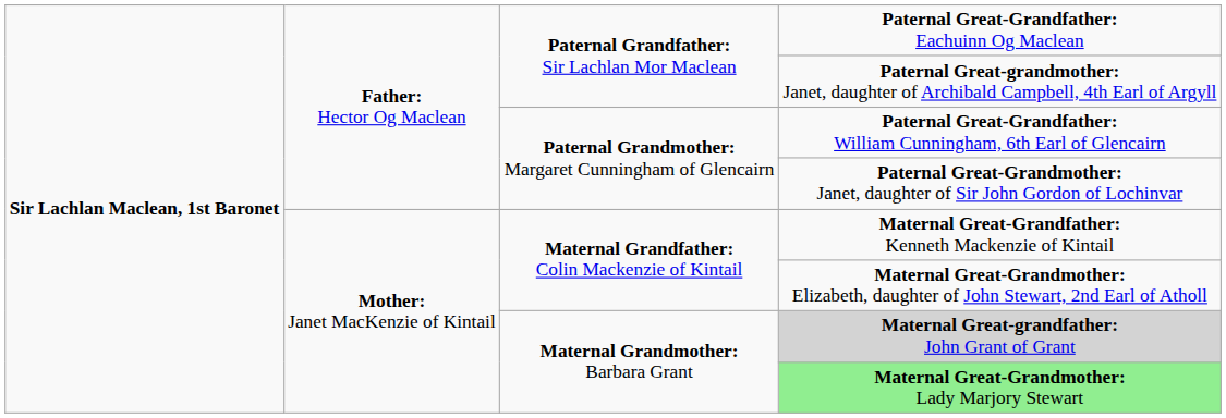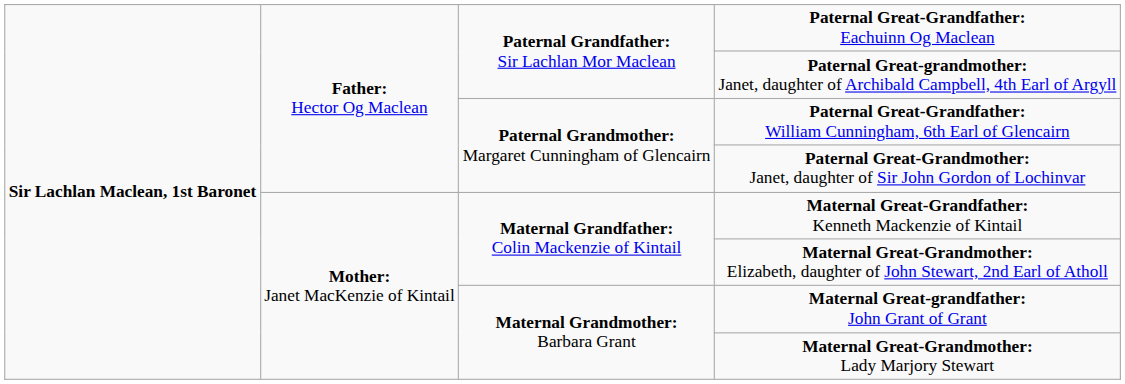 <table class="wikitable"  style="margin:1em auto;">
 <tr style="text-align:center;">
 <td rowspan="8"><strong>Sir Lachlan Maclean, 1st Baronet</strong></td>
 <td rowspan="4"><strong>Father:</strong><br><a href='#'>Hector Og Maclean</a></td>
 <td rowspan="2"><strong>Paternal Grandfather:</strong><br><a href='#'>Sir Lachlan Mor Maclean</a></td>
 <td><strong>Paternal Great-Grandfather:</strong><br><a href='#'>Eachuinn Og Maclean</a></td>
 </tr>
 <tr>
 <td style="text-align:center;"><strong>Paternal Great-grandmother:</strong><br>Janet, daughter of <a href='#'>Archibald Campbell, 4th Earl of Argyll</a></td>
 </tr>
 <tr style="text-align:center;">
 <td rowspan="2"><strong>Paternal Grandmother:</strong><br>Margaret Cunningham of Glencairn</td>
 <td><strong>Paternal Great-Grandfather:</strong><br><a href='#'>William Cunningham, 6th Earl of Glencairn</a></td>
 </tr>
 <tr>
 <td style="text-align:center;"><strong>Paternal Great-Grandmother:</strong><br>Janet, daughter of <a href='#'>Sir John Gordon of Lochinvar</a></td>
 </tr>
 <tr style="text-align:center;">
 <td rowspan="4"><strong>Mother:</strong><br>Janet MacKenzie of Kintail</td>
 <td rowspan="2"><strong>Maternal Grandfather:</strong><br><a href='#'>Colin Mackenzie of Kintail</a></td>
 <td><strong>Maternal Great-Grandfather:</strong><br>Kenneth Mackenzie of Kintail</td>
 </tr>
 <tr>
 <td style="text-align:center;"><strong>Maternal Great-Grandmother:</strong><br>Elizabeth, daughter of <a href='#'>John Stewart, 2nd Earl of Atholl</a></td>
 </tr>
 <tr style="text-align:center;">
 <td rowspan="2"><strong>Maternal Grandmother:</strong><br>Barbara Grant</td>
-<td style="background: lightgrey;"><strong>Maternal Great-grandfather:</strong><br><a href='#'>John Grant of Grant</a></td>
+<td><strong>Maternal Great-grandfather:</strong><br><a href='#'>John Grant of Grant</a></td>
 </tr>
 <tr>
-<td style="background: lightgreen; text-align:center;"><strong>Maternal Great-Grandmother:</strong><br>Lady Marjory Stewart</td>
+<td style="text-align:center;"><strong>Maternal Great-Grandmother:</strong><br>Lady Marjory Stewart</td>
 </tr>
 </table>
